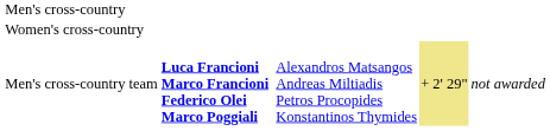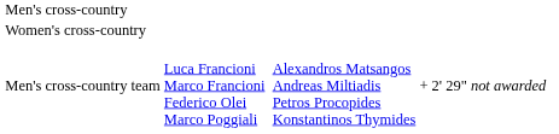 <table>
 <tr>
 <td>Men's cross-country<br></td>
 <td></td>
 <td></td>
 <td></td>
 <td></td>
 <td></td>
 <td></td>
 </tr>
 <tr>
 <td>Women's cross-country<br></td>
 <td></td>
 <td></td>
 <td></td>
 <td></td>
 <td></td>
 <td></td>
 </tr>
 <tr>
 <td>Men's cross-country team<br></td>
-<td><strong><br><a href='#'>Luca Francioni</a><br><a href='#'>Marco Francioni</a><br><a href='#'>Federico Olei</a><br><a href='#'>Marco Poggiali</a></strong></td>
+<td><br><a href='#'>Luca Francioni</a><br><a href='#'>Marco Francioni</a><br><a href='#'>Federico Olei</a><br><a href='#'>Marco Poggiali</a></td>
 <td></td>
 <td><br><a href='#'>Alexandros Matsangos</a><br><a href='#'>Andreas Miltiadis</a><br><a href='#'>Petros Procopides</a><br><a href='#'>Konstantinos Thymides</a></td>
-<td style="background: khaki;">+ 2' 29"</td>
+<td>+ 2' 29"</td>
 <td colspan=2><em>not awarded</em></td>
 </tr>
 </table>
